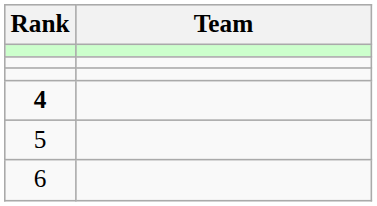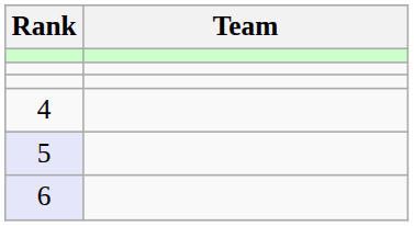 <table class=wikitable style="text-align:center;">
 <tr>
 <th>Rank</th>
 <th width=180>Team</th>
 </tr>
 <tr bgcolor=#ccffcc>
 <td></td>
 <td align=left></td>
 </tr>
 <tr>
 <td></td>
 <td align=left></td>
 </tr>
 <tr>
 <td></td>
 <td align=left></td>
 </tr>
 <tr>
-<td><strong>4</strong></td>
+<td>4</td>
 <td align=left></td>
 </tr>
 <tr>
-<td>5</td>
+<td style="background: lavender;">5</td>
 <td align=left></td>
 </tr>
 <tr>
-<td>6</td>
+<td style="background: lavender;">6</td>
 <td align=left></td>
 </tr>
 </table>
